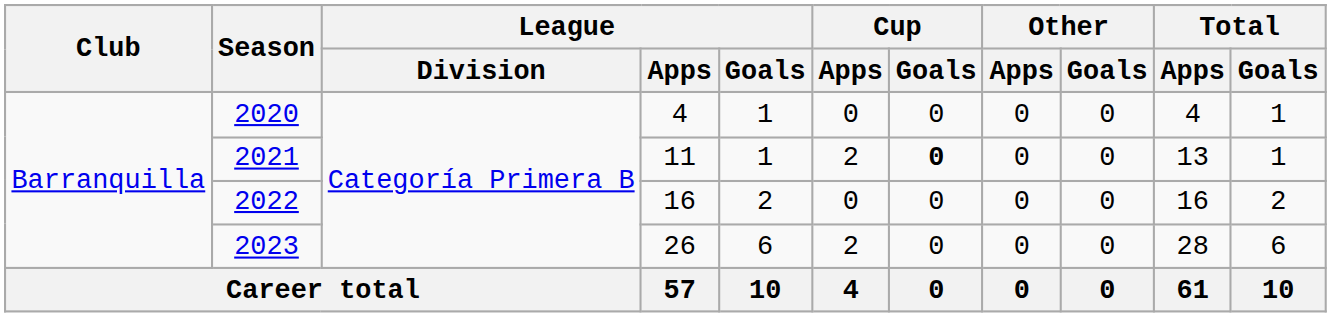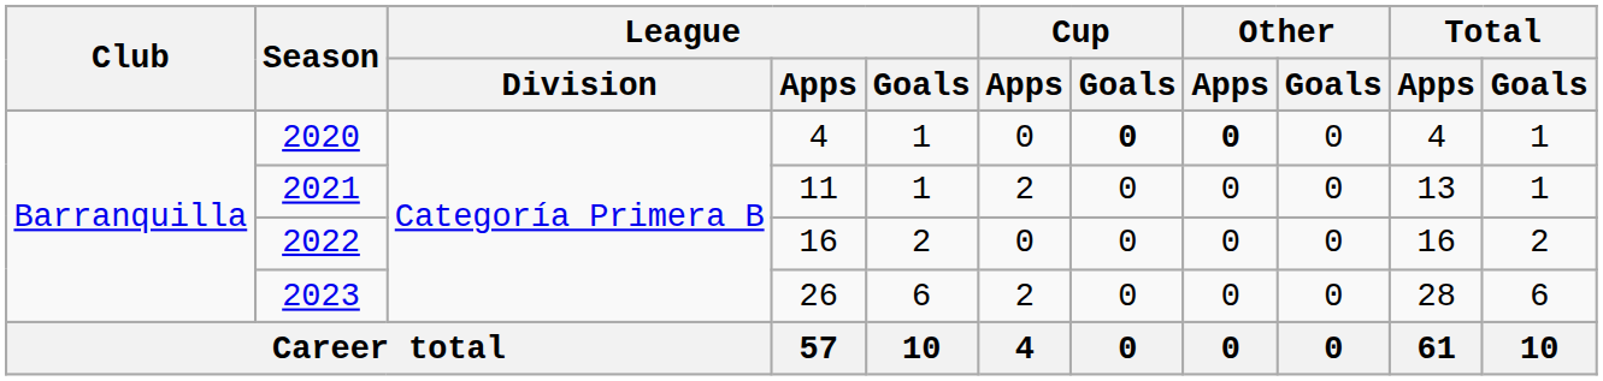 <table class=wikitable style=text-align:center>
 <tr>
 <th rowspan="2">Club</th>
 <th rowspan="2">Season</th>
 <th colspan="3">League</th>
 <th colspan="2">Cup</th>
 <th colspan="2">Other</th>
 <th colspan="2">Total</th>
 </tr>
 <tr>
 <th>Division</th>
 <th>Apps</th>
 <th>Goals</th>
 <th>Apps</th>
 <th>Goals</th>
 <th>Apps</th>
 <th>Goals</th>
 <th>Apps</th>
 <th>Goals</th>
 </tr>
 <tr>
 <td rowspan="4"><a href='#'>Barranquilla</a></td>
 <td><a href='#'>2020</a></td>
 <td rowspan="4"><a href='#'>Categoría Primera B</a></td>
 <td>4</td>
 <td>1</td>
 <td>0</td>
-<td>0</td>
-<td>0</td>
+<td><strong>0</strong></td>
+<td><strong>0</strong></td>
 <td>0</td>
 <td>4</td>
 <td>1</td>
 </tr>
 <tr>
 <td><a href='#'>2021</a></td>
 <td>11</td>
 <td>1</td>
 <td>2</td>
-<td><strong>0</strong></td>
+<td>0</td>
 <td>0</td>
 <td>0</td>
 <td>13</td>
 <td>1</td>
 </tr>
 <tr>
 <td><a href='#'>2022</a></td>
 <td>16</td>
 <td>2</td>
 <td>0</td>
 <td>0</td>
 <td>0</td>
 <td>0</td>
 <td>16</td>
 <td>2</td>
 </tr>
 <tr>
 <td><a href='#'>2023</a></td>
 <td>26</td>
 <td>6</td>
 <td>2</td>
 <td>0</td>
 <td>0</td>
 <td>0</td>
 <td>28</td>
 <td>6</td>
 </tr>
 <tr>
 <th colspan="3"><strong>Career total</strong></th>
 <th>57</th>
 <th>10</th>
 <th>4</th>
 <th>0</th>
 <th>0</th>
 <th>0</th>
 <th>61</th>
 <th>10</th>
 </tr>
 </table>
